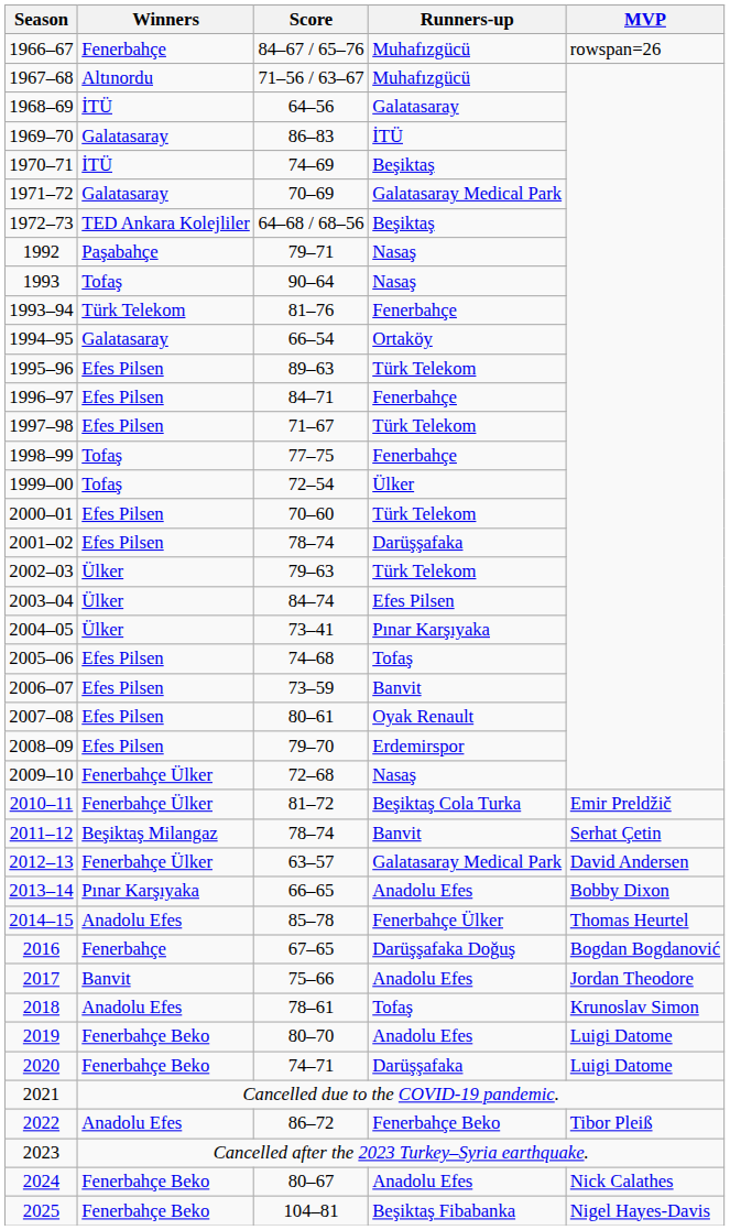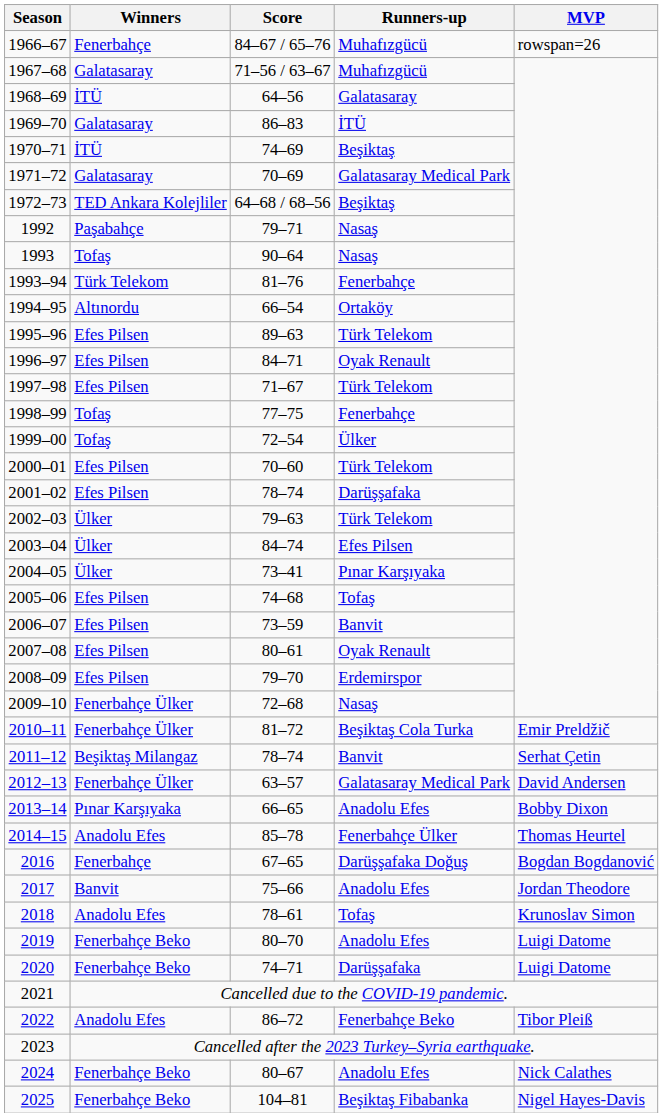 <table class="wikitable">
 <tr>
 <th>Season</th>
 <th>Winners</th>
 <th>Score</th>
 <th>Runners-up</th>
 <th><a href='#'>MVP</a></th>
 </tr>
 <tr>
 <td align=center>1966–67</td>
 <td><a href='#'>Fenerbahçe</a></td>
 <td align=center>84–67 / 65–76</td>
 <td><a href='#'>Muhafızgücü</a></td>
 <td>rowspan=26 </td>
 </tr>
 <tr>
 <td align=center>1967–68</td>
-<td><a href='#'>Altınordu</a></td>
+<td><a href='#'>Galatasaray</a></td>
 <td align=center>71–56 / 63–67</td>
 <td><a href='#'>Muhafızgücü</a></td>
 </tr>
 <tr>
 <td align=center>1968–69</td>
 <td><a href='#'>İTÜ</a></td>
 <td align=center>64–56</td>
 <td><a href='#'>Galatasaray</a></td>
 </tr>
 <tr>
 <td align=center>1969–70</td>
 <td><a href='#'>Galatasaray</a></td>
 <td align=center>86–83</td>
 <td><a href='#'>İTÜ</a></td>
 </tr>
 <tr>
 <td align=center>1970–71</td>
 <td><a href='#'>İTÜ</a></td>
 <td align=center>74–69</td>
 <td><a href='#'>Beşiktaş</a></td>
 </tr>
 <tr>
 <td align=center>1971–72</td>
 <td><a href='#'>Galatasaray</a></td>
 <td align=center>70–69</td>
 <td><a href='#'>Galatasaray Medical Park</a></td>
 </tr>
 <tr>
 <td align=center>1972–73</td>
 <td><a href='#'>TED Ankara Kolejliler</a></td>
 <td align=center>64–68 / 68–56</td>
 <td><a href='#'>Beşiktaş</a></td>
 </tr>
 <tr>
 <td align=center>1992</td>
 <td><a href='#'>Paşabahçe</a></td>
 <td align=center>79–71</td>
 <td><a href='#'>Nasaş</a></td>
 </tr>
 <tr>
 <td align=center>1993</td>
 <td><a href='#'>Tofaş</a></td>
 <td align=center>90–64</td>
 <td><a href='#'>Nasaş</a></td>
 </tr>
 <tr>
 <td align=center>1993–94</td>
 <td><a href='#'>Türk Telekom</a></td>
 <td align=center>81–76</td>
 <td><a href='#'>Fenerbahçe</a></td>
 </tr>
 <tr>
 <td align=center>1994–95</td>
-<td><a href='#'>Galatasaray</a></td>
+<td><a href='#'>Altınordu</a></td>
 <td align=center>66–54</td>
 <td><a href='#'>Ortaköy</a></td>
 </tr>
 <tr>
 <td align=center>1995–96</td>
 <td><a href='#'>Efes Pilsen</a></td>
 <td align=center>89–63</td>
 <td><a href='#'>Türk Telekom</a></td>
 </tr>
 <tr>
 <td align=center>1996–97</td>
 <td><a href='#'>Efes Pilsen</a></td>
 <td align=center>84–71</td>
-<td><a href='#'>Fenerbahçe</a></td>
+<td><a href='#'>Oyak Renault</a></td>
 </tr>
 <tr>
 <td align=center>1997–98</td>
 <td><a href='#'>Efes Pilsen</a></td>
 <td align=center>71–67</td>
 <td><a href='#'>Türk Telekom</a></td>
 </tr>
 <tr>
 <td align=center>1998–99</td>
 <td><a href='#'>Tofaş</a></td>
 <td align=center>77–75</td>
 <td><a href='#'>Fenerbahçe</a></td>
 </tr>
 <tr>
 <td align=center>1999–00</td>
 <td><a href='#'>Tofaş</a></td>
 <td align=center>72–54</td>
 <td><a href='#'>Ülker</a></td>
 </tr>
 <tr>
 <td align=center>2000–01</td>
 <td><a href='#'>Efes Pilsen</a></td>
 <td align=center>70–60</td>
 <td><a href='#'>Türk Telekom</a></td>
 </tr>
 <tr>
 <td align=center>2001–02</td>
 <td><a href='#'>Efes Pilsen</a></td>
 <td align=center>78–74</td>
 <td><a href='#'>Darüşşafaka</a></td>
 </tr>
 <tr>
 <td align=center>2002–03</td>
 <td><a href='#'>Ülker</a></td>
 <td align=center>79–63</td>
 <td><a href='#'>Türk Telekom</a></td>
 </tr>
 <tr>
 <td align=center>2003–04</td>
 <td><a href='#'>Ülker</a></td>
 <td align=center>84–74</td>
 <td><a href='#'>Efes Pilsen</a></td>
 </tr>
 <tr>
 <td align=center>2004–05</td>
 <td><a href='#'>Ülker</a></td>
 <td align=center>73–41</td>
 <td><a href='#'>Pınar Karşıyaka</a></td>
 </tr>
 <tr>
 <td align=center>2005–06</td>
 <td><a href='#'>Efes Pilsen</a></td>
 <td align=center>74–68</td>
 <td><a href='#'>Tofaş</a></td>
 </tr>
 <tr>
 <td align=center>2006–07</td>
 <td><a href='#'>Efes Pilsen</a></td>
 <td align=center>73–59</td>
 <td><a href='#'>Banvit</a></td>
 </tr>
 <tr>
 <td align=center>2007–08</td>
 <td><a href='#'>Efes Pilsen</a></td>
 <td align=center>80–61</td>
 <td><a href='#'>Oyak Renault</a></td>
 </tr>
 <tr>
 <td align=center>2008–09</td>
 <td><a href='#'>Efes Pilsen</a></td>
 <td align=center>79–70</td>
 <td><a href='#'>Erdemirspor</a></td>
 </tr>
 <tr>
 <td align=center>2009–10</td>
 <td><a href='#'>Fenerbahçe Ülker</a></td>
 <td align=center>72–68</td>
 <td><a href='#'>Nasaş</a></td>
 </tr>
 <tr>
 <td align=center><a href='#'>2010–11</a></td>
 <td><a href='#'>Fenerbahçe Ülker</a></td>
 <td align=center>81–72</td>
 <td><a href='#'>Beşiktaş Cola Turka</a></td>
 <td> <a href='#'>Emir Preldžič</a></td>
 </tr>
 <tr>
 <td align=center><a href='#'>2011–12</a></td>
 <td><a href='#'>Beşiktaş Milangaz</a></td>
 <td align=center>78–74</td>
 <td><a href='#'>Banvit</a></td>
 <td> <a href='#'>Serhat Çetin</a></td>
 </tr>
 <tr>
 <td align=center><a href='#'>2012–13</a></td>
 <td><a href='#'>Fenerbahçe Ülker</a></td>
 <td align=center>63–57</td>
 <td><a href='#'>Galatasaray Medical Park</a></td>
 <td> <a href='#'>David Andersen</a></td>
 </tr>
 <tr>
 <td align=center><a href='#'>2013–14</a></td>
 <td><a href='#'>Pınar Karşıyaka</a></td>
 <td align=center>66–65</td>
 <td><a href='#'>Anadolu Efes</a></td>
 <td> <a href='#'>Bobby Dixon</a></td>
 </tr>
 <tr>
 <td align=center><a href='#'>2014–15</a></td>
 <td><a href='#'>Anadolu Efes</a></td>
 <td align=center>85–78</td>
 <td><a href='#'>Fenerbahçe Ülker</a></td>
 <td> <a href='#'>Thomas Heurtel</a></td>
 </tr>
 <tr>
 <td align=center><a href='#'>2016</a></td>
 <td><a href='#'>Fenerbahçe</a></td>
 <td align=center>67–65</td>
 <td><a href='#'>Darüşşafaka Doğuş</a></td>
 <td> <a href='#'>Bogdan Bogdanović</a></td>
 </tr>
 <tr>
 <td align=center><a href='#'>2017</a></td>
 <td><a href='#'>Banvit</a></td>
 <td align=center>75–66</td>
 <td><a href='#'>Anadolu Efes</a></td>
 <td> <a href='#'>Jordan Theodore</a></td>
 </tr>
 <tr>
 <td align=center><a href='#'>2018</a></td>
 <td><a href='#'>Anadolu Efes</a></td>
 <td align=center>78–61</td>
 <td><a href='#'>Tofaş</a></td>
 <td> <a href='#'>Krunoslav Simon</a></td>
 </tr>
 <tr>
 <td align=center><a href='#'>2019</a></td>
 <td><a href='#'>Fenerbahçe Beko</a></td>
 <td align=center>80–70</td>
 <td><a href='#'>Anadolu Efes</a></td>
 <td> <a href='#'>Luigi Datome</a></td>
 </tr>
 <tr>
 <td align=center><a href='#'>2020</a></td>
 <td><a href='#'>Fenerbahçe Beko</a></td>
 <td align=center>74–71</td>
 <td><a href='#'>Darüşşafaka</a></td>
 <td> <a href='#'>Luigi Datome</a></td>
 </tr>
 <tr>
 <td align=center>2021</td>
 <td colspan=4 style="text-align:center;"><em>Cancelled due to the <a href='#'>COVID-19 pandemic</a>.</em></td>
 </tr>
 <tr>
 <td align=center><a href='#'>2022</a></td>
 <td><a href='#'>Anadolu Efes</a></td>
 <td align=center>86–72</td>
 <td><a href='#'>Fenerbahçe Beko</a></td>
 <td> <a href='#'>Tibor Pleiß</a></td>
 </tr>
 <tr>
 <td align=center>2023</td>
 <td colspan=4 style="text-align:center;"><em>Cancelled after the <a href='#'>2023 Turkey–Syria earthquake</a>.</em></td>
 </tr>
 <tr>
 <td align=center><a href='#'>2024</a></td>
 <td><a href='#'>Fenerbahçe Beko</a></td>
 <td align=center>80–67</td>
 <td><a href='#'>Anadolu Efes</a></td>
 <td> <a href='#'>Nick Calathes</a></td>
 </tr>
 <tr>
 <td align=center><a href='#'>2025</a></td>
 <td><a href='#'>Fenerbahçe Beko</a></td>
 <td align=center>104–81</td>
 <td><a href='#'>Beşiktaş Fibabanka</a></td>
 <td> <a href='#'>Nigel Hayes-Davis</a></td>
 </tr>
 </table>
